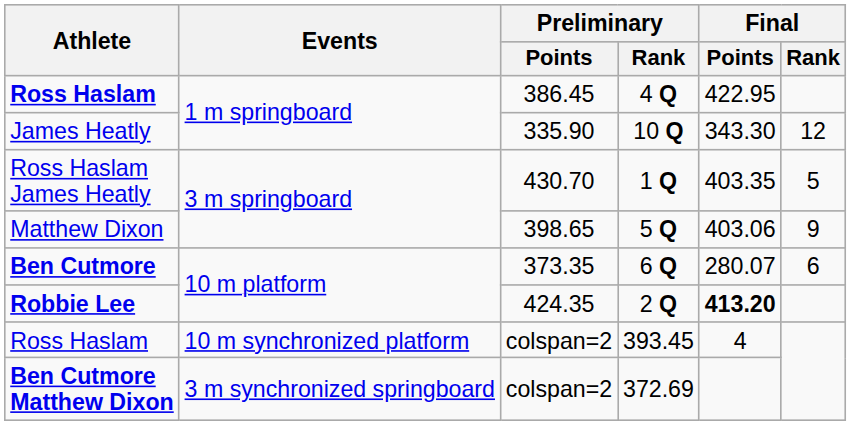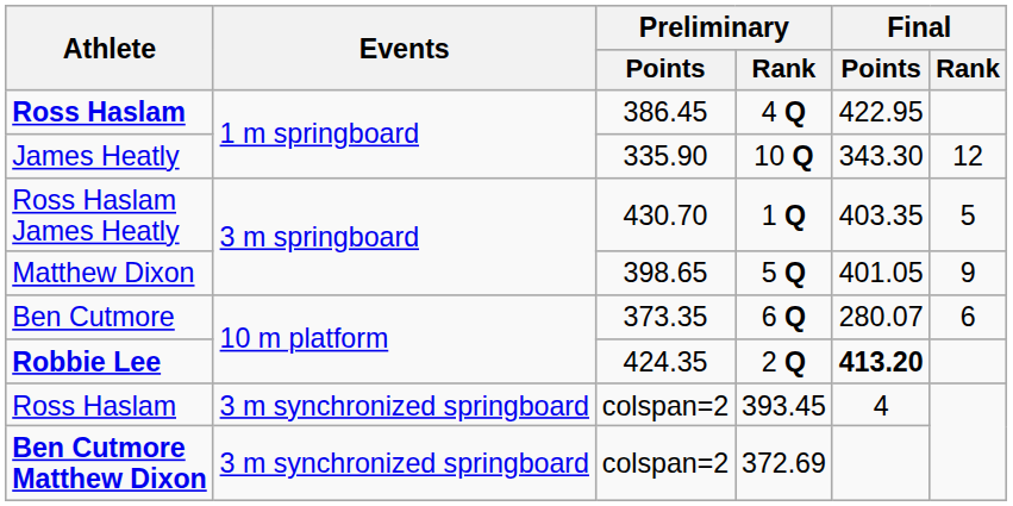 <table class=wikitable style=text-align:center;font-size:90%>
 <tr>
 <th rowspan=2>Athlete</th>
 <th rowspan=2>Events</th>
 <th colspan=2>Preliminary</th>
 <th colspan=2>Final</th>
 </tr>
 <tr style=font-size:95%>
 <th>Points</th>
 <th>Rank</th>
 <th>Points</th>
 <th>Rank</th>
 </tr>
 <tr>
 <td align=left><strong><a href='#'>Ross Haslam</a></strong></td>
 <td align=left rowspan=2><a href='#'>1 m springboard</a></td>
 <td>386.45</td>
 <td>4 <strong>Q</strong></td>
 <td>422.95</td>
 <td></td>
 </tr>
 <tr>
 <td align=left><a href='#'>James Heatly</a></td>
 <td>335.90</td>
 <td>10 <strong>Q</strong></td>
 <td>343.30</td>
 <td>12</td>
 </tr>
 <tr>
 <td align=left><a href='#'>Ross Haslam</a><br><a href='#'>James Heatly</a></td>
 <td align=left rowspan=2><a href='#'>3 m springboard</a></td>
 <td>430.70</td>
 <td>1 <strong>Q</strong></td>
 <td>403.35</td>
 <td>5</td>
 </tr>
 <tr>
 <td align=left><a href='#'>Matthew Dixon</a></td>
 <td>398.65</td>
 <td>5 <strong>Q</strong></td>
-<td>403.06</td>
+<td>401.05</td>
 <td>9</td>
 </tr>
 <tr>
-<td align=left><strong><a href='#'>Ben Cutmore</a></strong></td>
+<td align=left><a href='#'>Ben Cutmore</a></td>
 <td align=left rowspan=2><a href='#'>10 m platform</a></td>
 <td>373.35</td>
 <td>6 <strong>Q</strong></td>
 <td>280.07</td>
 <td>6</td>
 </tr>
 <tr>
 <td align=left><strong><a href='#'>Robbie Lee</a></strong></td>
 <td>424.35</td>
 <td>2 <strong>Q</strong></td>
 <td><strong>413.20</strong></td>
 <td></td>
 </tr>
 <tr>
 <td align=left><a href='#'>Ross Haslam</a></td>
-<td align=left><a href='#'>10 m synchronized platform</a></td>
+<td align=left><a href='#'>3 m synchronized springboard</a></td>
 <td>colspan=2 </td>
 <td>393.45</td>
 <td>4</td>
 </tr>
 <tr>
 <td align=left><strong><a href='#'>Ben Cutmore</a></strong><br><strong><a href='#'>Matthew Dixon</a></strong></td>
 <td align=left><a href='#'>3 m synchronized springboard</a></td>
 <td>colspan=2 </td>
 <td>372.69</td>
 <td></td>
 </tr>
 </table>
